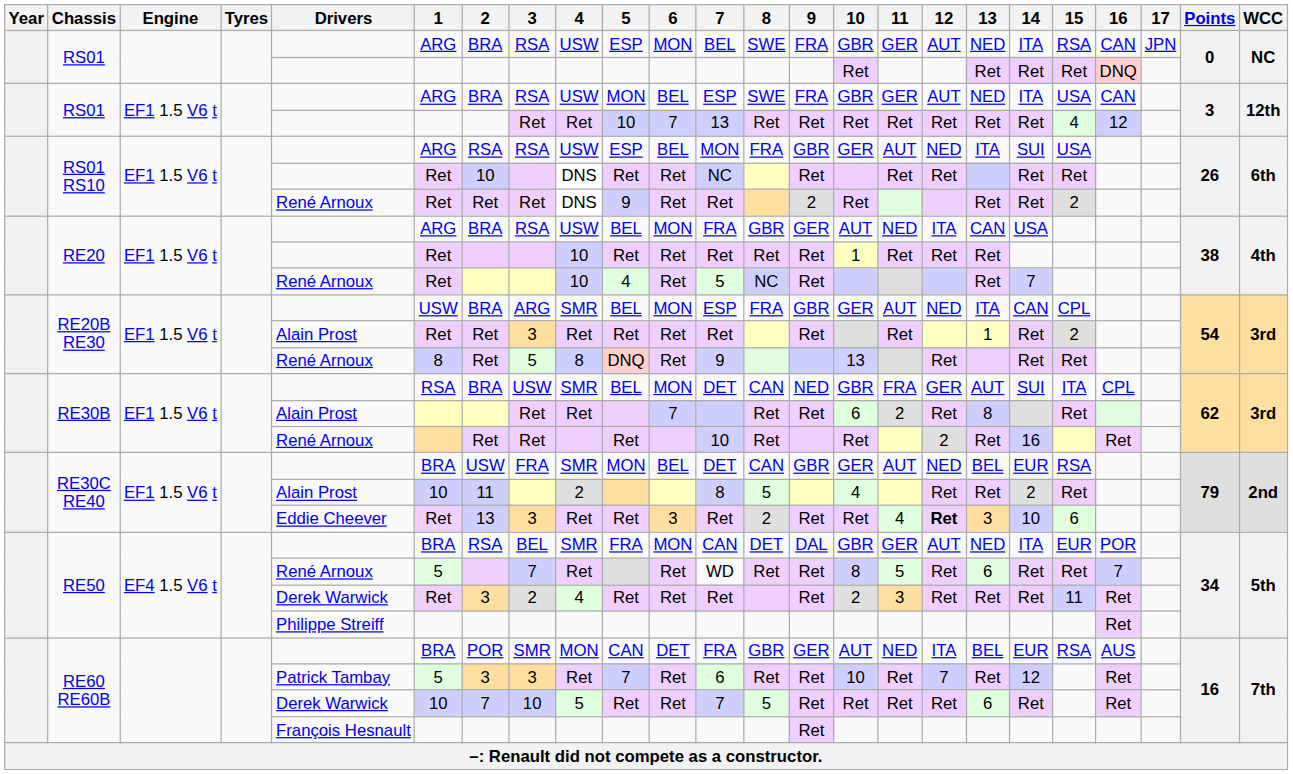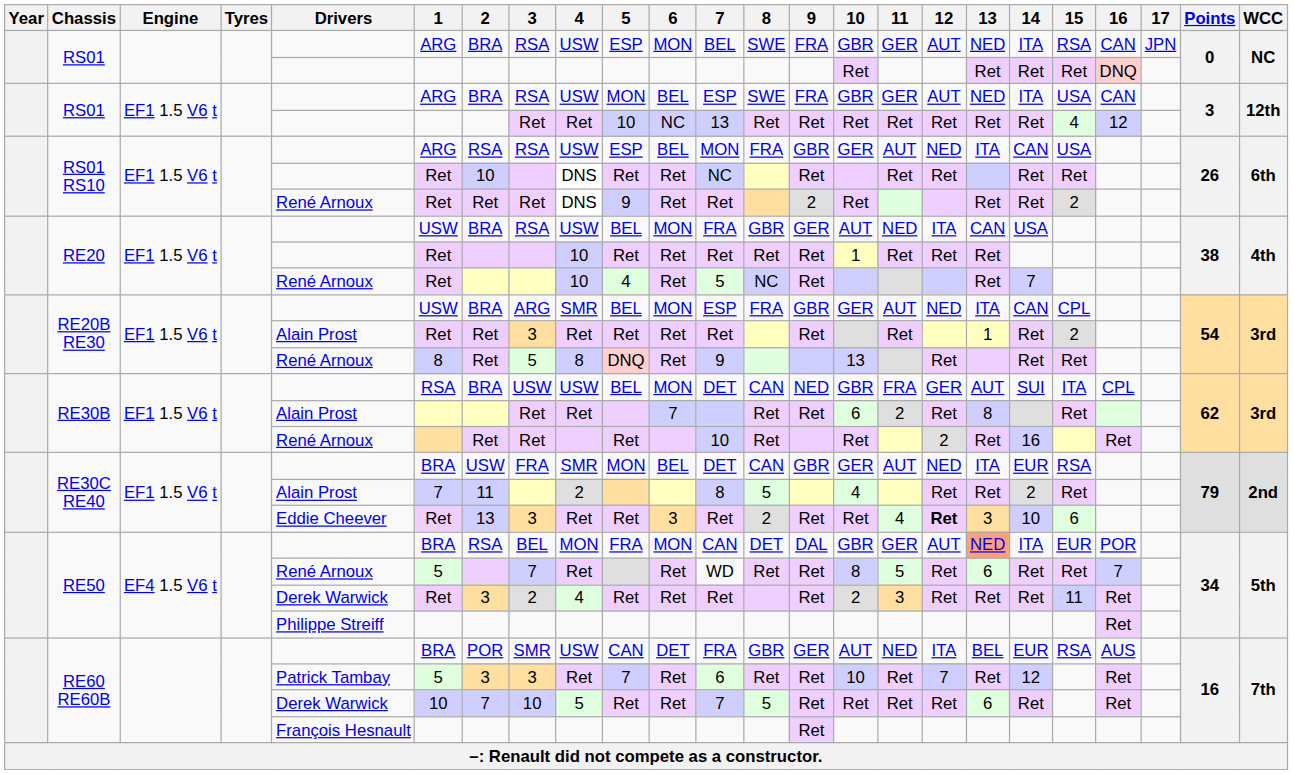 <table class="wikitable" style="text-align:center; font-size:85%">
 <tr>
 <th>Year</th>
 <th>Chassis</th>
 <th>Engine</th>
 <th>Tyres</th>
 <th>Drivers</th>
 <th>1</th>
 <th>2</th>
 <th>3</th>
 <th>4</th>
 <th>5</th>
 <th>6</th>
 <th>7</th>
 <th>8</th>
 <th>9</th>
 <th>10</th>
 <th>11</th>
 <th>12</th>
 <th>13</th>
 <th>14</th>
 <th>15</th>
 <th>16</th>
 <th>17</th>
 <th><a href='#'>Points</a></th>
 <th>WCC</th>
 </tr>
 <tr>
 <th rowspan="2"></th>
 <td rowspan="2"><a href='#'>RS01</a></td>
 <td rowspan="2"></td>
 <td rowspan="2"></td>
 <td></td>
 <td><a href='#'>ARG</a></td>
 <td><a href='#'>BRA</a></td>
 <td><a href='#'>RSA</a></td>
 <td><a href='#'>USW</a></td>
 <td><a href='#'>ESP</a></td>
 <td><a href='#'>MON</a></td>
 <td><a href='#'>BEL</a></td>
 <td><a href='#'>SWE</a></td>
 <td><a href='#'>FRA</a></td>
 <td><a href='#'>GBR</a></td>
 <td><a href='#'>GER</a></td>
 <td><a href='#'>AUT</a></td>
 <td><a href='#'>NED</a></td>
 <td><a href='#'>ITA</a></td>
 <td><a href='#'>RSA</a></td>
 <td><a href='#'>CAN</a></td>
 <td><a href='#'>JPN</a></td>
 <th rowspan="2">0</th>
 <th rowspan="2">NC</th>
 </tr>
 <tr>
 <td align="left"></td>
 <td></td>
 <td></td>
 <td></td>
 <td></td>
 <td></td>
 <td></td>
 <td></td>
 <td></td>
 <td></td>
 <td style="background:#EFCFFF;">Ret</td>
 <td></td>
 <td></td>
 <td style="background:#EFCFFF;">Ret</td>
 <td style="background:#EFCFFF;">Ret</td>
 <td style="background:#EFCFFF;">Ret</td>
 <td style="background:#FFCFCF;">DNQ</td>
 <td></td>
 </tr>
 <tr>
 <th rowspan="2"></th>
 <td rowspan="2"><a href='#'>RS01</a></td>
 <td rowspan="2"><a href='#'>EF1</a> 1.5 <a href='#'>V6</a> <a href='#'>t</a></td>
 <td rowspan="2"></td>
 <td></td>
 <td><a href='#'>ARG</a></td>
 <td><a href='#'>BRA</a></td>
 <td><a href='#'>RSA</a></td>
 <td><a href='#'>USW</a></td>
 <td><a href='#'>MON</a></td>
 <td><a href='#'>BEL</a></td>
 <td><a href='#'>ESP</a></td>
 <td><a href='#'>SWE</a></td>
 <td><a href='#'>FRA</a></td>
 <td><a href='#'>GBR</a></td>
 <td><a href='#'>GER</a></td>
 <td><a href='#'>AUT</a></td>
 <td><a href='#'>NED</a></td>
 <td><a href='#'>ITA</a></td>
 <td><a href='#'>USA</a></td>
 <td><a href='#'>CAN</a></td>
 <td></td>
 <th rowspan="2">3</th>
 <th rowspan="2">12th</th>
 </tr>
 <tr>
 <td align="left"></td>
 <td></td>
 <td></td>
 <td style="background:#EFCFFF;">Ret</td>
 <td style="background:#EFCFFF;">Ret</td>
 <td style="background:#CFCFFF;">10</td>
-<td style="background:#CFCFFF;">7</td>
+<td style="background:#CFCFFF;">NC</td>
 <td style="background:#CFCFFF;">13</td>
 <td style="background:#EFCFFF;">Ret</td>
 <td style="background:#EFCFFF;">Ret</td>
 <td style="background:#EFCFFF;">Ret</td>
 <td style="background:#EFCFFF;">Ret</td>
 <td style="background:#EFCFFF;">Ret</td>
 <td style="background:#EFCFFF;">Ret</td>
 <td style="background:#EFCFFF;">Ret</td>
 <td style="background:#DFFFDF;">4</td>
 <td style="background:#CFCFFF;">12</td>
 <td></td>
 </tr>
 <tr>
 <th rowspan="3"></th>
 <td rowspan="3"><a href='#'>RS01</a><br><a href='#'>RS10</a></td>
 <td rowspan="3"><a href='#'>EF1</a> 1.5 <a href='#'>V6</a> <a href='#'>t</a></td>
 <td rowspan="3"></td>
 <td></td>
 <td><a href='#'>ARG</a></td>
 <td><a href='#'>RSA</a></td>
 <td><a href='#'>RSA</a></td>
 <td><a href='#'>USW</a></td>
 <td><a href='#'>ESP</a></td>
 <td><a href='#'>BEL</a></td>
 <td><a href='#'>MON</a></td>
 <td><a href='#'>FRA</a></td>
 <td><a href='#'>GBR</a></td>
 <td><a href='#'>GER</a></td>
 <td><a href='#'>AUT</a></td>
 <td><a href='#'>NED</a></td>
 <td><a href='#'>ITA</a></td>
-<td><a href='#'>SUI</a></td>
+<td><a href='#'>CAN</a></td>
 <td><a href='#'>USA</a></td>
 <td></td>
 <td></td>
 <th rowspan="3">26</th>
 <th rowspan="3">6th</th>
 </tr>
 <tr>
 <td align="left"></td>
 <td style="background:#EFCFFF;">Ret</td>
 <td style="background:#CFCFFF;">10</td>
 <td style="background:#EFCFFF;"></td>
 <td style="background:#ffffff;">DNS</td>
 <td style="background:#EFCFFF;">Ret</td>
 <td style="background:#EFCFFF;">Ret</td>
 <td style="background:#CFCFFF;">NC</td>
 <td style="background:#FFFFBF;"></td>
 <td style="background:#EFCFFF;">Ret</td>
 <td style="background:#EFCFFF;"></td>
 <td style="background:#EFCFFF;">Ret</td>
 <td style="background:#EFCFFF;">Ret</td>
 <td style="background:#CFCFFF;"></td>
 <td style="background:#EFCFFF;">Ret</td>
 <td style="background:#EFCFFF;">Ret</td>
 <td></td>
 <td></td>
 </tr>
 <tr>
 <td align="left"> <a href='#'>René Arnoux</a></td>
 <td style="background:#EFCFFF;">Ret</td>
 <td style="background:#EFCFFF;">Ret</td>
 <td style="background:#EFCFFF;">Ret</td>
 <td style="background:#ffffff;">DNS</td>
 <td style="background:#CFCFFF;">9</td>
 <td style="background:#EFCFFF;">Ret</td>
 <td style="background:#EFCFFF;">Ret</td>
 <td style="background:#FFDF9F;"></td>
 <td style="background:#DFDFDF;">2</td>
 <td style="background:#EFCFFF;">Ret</td>
 <td style="background:#DFFFDF;"></td>
 <td style="background:#EFCFFF;"></td>
 <td style="background:#EFCFFF;">Ret</td>
 <td style="background:#EFCFFF;">Ret</td>
 <td style="background:#DFDFDF;">2</td>
 <td></td>
 <td></td>
 </tr>
 <tr>
 <th rowspan="3"></th>
 <td rowspan="3"><a href='#'>RE20</a></td>
 <td rowspan="3"><a href='#'>EF1</a> 1.5 <a href='#'>V6</a> <a href='#'>t</a></td>
 <td rowspan="3"></td>
 <td></td>
-<td><a href='#'>ARG</a></td>
+<td><a href='#'>USW</a></td>
 <td><a href='#'>BRA</a></td>
 <td><a href='#'>RSA</a></td>
 <td><a href='#'>USW</a></td>
 <td><a href='#'>BEL</a></td>
 <td><a href='#'>MON</a></td>
 <td><a href='#'>FRA</a></td>
 <td><a href='#'>GBR</a></td>
 <td><a href='#'>GER</a></td>
 <td><a href='#'>AUT</a></td>
 <td><a href='#'>NED</a></td>
 <td><a href='#'>ITA</a></td>
 <td><a href='#'>CAN</a></td>
 <td><a href='#'>USA</a></td>
 <td></td>
 <td></td>
 <td></td>
 <th rowspan="3">38</th>
 <th rowspan="3">4th</th>
 </tr>
 <tr>
 <td align="left"></td>
 <td style="background:#EFCFFF;">Ret</td>
 <td style="background:#EFCFFF;"></td>
 <td style="background:#EFCFFF;"></td>
 <td style="background:#CFCFFF;">10</td>
 <td style="background:#EFCFFF;">Ret</td>
 <td style="background:#EFCFFF;">Ret</td>
 <td style="background:#EFCFFF;">Ret</td>
 <td style="background:#EFCFFF;">Ret</td>
 <td style="background:#EFCFFF;">Ret</td>
 <td style="background:#FFFFBF;">1</td>
 <td style="background:#EFCFFF;">Ret</td>
 <td style="background:#EFCFFF;">Ret</td>
 <td style="background:#EFCFFF;">Ret</td>
 <td></td>
 <td></td>
 <td></td>
 <td></td>
 </tr>
 <tr>
 <td align="left"> <a href='#'>René Arnoux</a></td>
 <td style="background:#EFCFFF;">Ret</td>
 <td style="background:#FFFFBF;"></td>
 <td style="background:#FFFFBF;"></td>
 <td style="background:#CFCFFF;">10</td>
 <td style="background:#DFFFDF;">4</td>
 <td style="background:#EFCFFF;">Ret</td>
 <td style="background:#DFFFDF;">5</td>
 <td style="background:#CFCFFF;">NC</td>
 <td style="background:#EFCFFF;">Ret</td>
 <td style="background:#CFCFFF;"></td>
 <td style="background:#DFDFDF;"></td>
 <td style="background:#CFCFFF;"></td>
 <td style="background:#EFCFFF;">Ret</td>
 <td style="background:#CFCFFF;">7</td>
 <td></td>
 <td></td>
 <td></td>
 </tr>
 <tr>
 <th rowspan="3"></th>
 <td rowspan="3"><a href='#'>RE20B</a><br><a href='#'>RE30</a></td>
 <td rowspan="3"><a href='#'>EF1</a> 1.5 <a href='#'>V6</a> <a href='#'>t</a></td>
 <td rowspan="3"></td>
 <td></td>
 <td><a href='#'>USW</a></td>
 <td><a href='#'>BRA</a></td>
 <td><a href='#'>ARG</a></td>
 <td><a href='#'>SMR</a></td>
 <td><a href='#'>BEL</a></td>
 <td><a href='#'>MON</a></td>
 <td><a href='#'>ESP</a></td>
 <td><a href='#'>FRA</a></td>
 <td><a href='#'>GBR</a></td>
 <td><a href='#'>GER</a></td>
 <td><a href='#'>AUT</a></td>
 <td><a href='#'>NED</a></td>
 <td><a href='#'>ITA</a></td>
 <td><a href='#'>CAN</a></td>
 <td><a href='#'>CPL</a></td>
 <td></td>
 <td></td>
 <td rowspan="3" style="background:#FFDF9F;"><strong>54</strong></td>
 <td rowspan="3" style="background:#FFDF9F;"><strong>3rd</strong></td>
 </tr>
 <tr>
 <td align="left"> <a href='#'>Alain Prost</a></td>
 <td style="background:#EFCFFF;">Ret</td>
 <td style="background:#EFCFFF;">Ret</td>
 <td style="background:#FFDF9F;">3</td>
 <td style="background:#EFCFFF;">Ret</td>
 <td style="background:#EFCFFF;">Ret</td>
 <td style="background:#EFCFFF;">Ret</td>
 <td style="background:#EFCFFF;">Ret</td>
 <td style="background:#FFFFBF;"></td>
 <td style="background:#EFCFFF;">Ret</td>
 <td style="background:#DFDFDF;"></td>
 <td style="background:#EFCFFF;">Ret</td>
 <td style="background:#FFFFBF;"></td>
 <td style="background:#FFFFBF;">1</td>
 <td style="background:#EFCFFF;">Ret</td>
 <td style="background:#DFDFDF;">2</td>
 <td></td>
 <td></td>
 </tr>
 <tr>
 <td align="left"> <a href='#'>René Arnoux</a></td>
 <td style="background:#CFCFFF;">8</td>
 <td style="background:#EFCFFF;">Ret</td>
 <td style="background:#DFFFDF;">5</td>
 <td style="background:#CFCFFF;">8</td>
 <td style="background:#FFCFCF;">DNQ</td>
 <td style="background:#EFCFFF;">Ret</td>
 <td style="background:#CFCFFF;">9</td>
 <td style="background:#DFFFDF;"></td>
 <td style="background:#CFCFFF;"></td>
 <td style="background:#CFCFFF;">13</td>
 <td style="background:#DFDFDF;"></td>
 <td style="background:#EFCFFF;">Ret</td>
 <td style="background:#EFCFFF;"></td>
 <td style="background:#EFCFFF;">Ret</td>
 <td style="background:#EFCFFF;">Ret</td>
 <td></td>
 <td></td>
 </tr>
 <tr>
 <th rowspan="3"></th>
 <td rowspan="3"><a href='#'>RE30B</a></td>
 <td rowspan="3"><a href='#'>EF1</a> 1.5 <a href='#'>V6</a> <a href='#'>t</a></td>
 <td rowspan="3"></td>
 <td></td>
 <td><a href='#'>RSA</a></td>
 <td><a href='#'>BRA</a></td>
 <td><a href='#'>USW</a></td>
-<td><a href='#'>SMR</a></td>
+<td><a href='#'>USW</a></td>
 <td><a href='#'>BEL</a></td>
 <td><a href='#'>MON</a></td>
 <td><a href='#'>DET</a></td>
 <td><a href='#'>CAN</a></td>
 <td><a href='#'>NED</a></td>
 <td><a href='#'>GBR</a></td>
 <td><a href='#'>FRA</a></td>
 <td><a href='#'>GER</a></td>
 <td><a href='#'>AUT</a></td>
 <td><a href='#'>SUI</a></td>
 <td><a href='#'>ITA</a></td>
 <td><a href='#'>CPL</a></td>
 <td></td>
 <td rowspan="3" style="background:#FFDF9F;"><strong>62</strong></td>
 <td rowspan="3" style="background:#FFDF9F;"><strong>3rd</strong></td>
 </tr>
 <tr>
 <td align="left"> <a href='#'>Alain Prost</a></td>
 <td style="background:#FFFFBF;"></td>
 <td style="background:#FFFFBF;"></td>
 <td style="background:#EFCFFF;">Ret</td>
 <td style="background:#EFCFFF;">Ret</td>
 <td style="background:#EFCFFF;"></td>
 <td style="background:#CFCFFF;">7</td>
 <td style="background:#CFCFFF;"></td>
 <td style="background:#EFCFFF;">Ret</td>
 <td style="background:#EFCFFF;">Ret</td>
 <td style="background:#DFFFDF;">6</td>
 <td style="background:#DFDFDF;">2</td>
 <td style="background:#EFCFFF;">Ret</td>
 <td style="background:#CFCFFF;">8</td>
 <td style="background:#DFDFDF;"></td>
 <td style="background:#EFCFFF;">Ret</td>
 <td style="background:#DFFFDF;"></td>
 <td></td>
 </tr>
 <tr>
 <td align="left"> <a href='#'>René Arnoux</a></td>
 <td style="background:#FFDF9F;"></td>
 <td style="background:#EFCFFF;">Ret</td>
 <td style="background:#EFCFFF;">Ret</td>
 <td style="background:#EFCFFF;"></td>
 <td style="background:#EFCFFF;">Ret</td>
 <td style="background:#EFCFFF;"></td>
 <td style="background:#CFCFFF;">10</td>
 <td style="background:#EFCFFF;">Ret</td>
 <td style="background:#EFCFFF;"></td>
 <td style="background:#EFCFFF;">Ret</td>
 <td style="background:#FFFFBF;"></td>
 <td style="background:#DFDFDF;">2</td>
 <td style="background:#EFCFFF;">Ret</td>
 <td style="background:#CFCFFF;">16</td>
 <td style="background:#FFFFBF;"></td>
 <td style="background:#EFCFFF;">Ret</td>
 <td></td>
 </tr>
 <tr>
 <th rowspan="3"></th>
 <td rowspan="3"><a href='#'>RE30C</a><br><a href='#'>RE40</a></td>
 <td rowspan="3"><a href='#'>EF1</a> 1.5 <a href='#'>V6</a> <a href='#'>t</a></td>
 <td rowspan="3"></td>
 <td></td>
 <td><a href='#'>BRA</a></td>
 <td><a href='#'>USW</a></td>
 <td><a href='#'>FRA</a></td>
 <td><a href='#'>SMR</a></td>
 <td><a href='#'>MON</a></td>
 <td><a href='#'>BEL</a></td>
 <td><a href='#'>DET</a></td>
 <td><a href='#'>CAN</a></td>
 <td><a href='#'>GBR</a></td>
 <td><a href='#'>GER</a></td>
 <td><a href='#'>AUT</a></td>
 <td><a href='#'>NED</a></td>
-<td><a href='#'>BEL</a></td>
+<td><a href='#'>ITA</a></td>
 <td><a href='#'>EUR</a></td>
 <td><a href='#'>RSA</a></td>
 <td></td>
 <td></td>
 <td rowspan="3" style="background:#DFDFDF;"><strong>79</strong></td>
 <td rowspan="3" style="background:#DFDFDF;"><strong>2nd</strong></td>
 </tr>
 <tr>
 <td align="left"> <a href='#'>Alain Prost</a></td>
-<td style="background:#CFCFFF;">10</td>
+<td style="background:#CFCFFF;">7</td>
 <td style="background:#CFCFFF;">11</td>
 <td style="background:#FFFFBF;"></td>
 <td style="background:#DFDFDF;">2</td>
 <td style="background:#FFDF9F;"></td>
 <td style="background:#FFFFBF;"></td>
 <td style="background:#CFCFFF;">8</td>
 <td style="background:#DFFFDF;">5</td>
 <td style="background:#FFFFBF;"></td>
 <td style="background:#DFFFDF;">4</td>
 <td style="background:#FFFFBF;"></td>
 <td style="background:#EFCFFF;">Ret</td>
 <td style="background:#EFCFFF;">Ret</td>
 <td style="background:#DFDFDF;">2</td>
 <td style="background:#EFCFFF;">Ret</td>
 <td></td>
 <td></td>
 </tr>
 <tr>
 <td align="left"> <a href='#'>Eddie Cheever</a></td>
 <td style="background:#EFCFFF;">Ret</td>
 <td style="background:#CFCFFF;">13</td>
 <td style="background:#FFDF9F;">3</td>
 <td style="background:#EFCFFF;">Ret</td>
 <td style="background:#EFCFFF;">Ret</td>
 <td style="background:#FFDF9F;">3</td>
 <td style="background:#EFCFFF;">Ret</td>
 <td style="background:#DFDFDF;">2</td>
 <td style="background:#EFCFFF;">Ret</td>
 <td style="background:#EFCFFF;">Ret</td>
 <td style="background:#DFFFDF;">4</td>
 <td style="background:#EFCFFF;"><strong>Ret</strong></td>
 <td style="background:#FFDF9F;">3</td>
 <td style="background:#CFCFFF;">10</td>
 <td style="background:#DFFFDF;">6</td>
 <td></td>
 <td></td>
 </tr>
 <tr>
 <th rowspan="4"></th>
 <td rowspan="4"><a href='#'>RE50</a></td>
 <td rowspan="4"><a href='#'>EF4</a> 1.5 <a href='#'>V6</a> <a href='#'>t</a></td>
 <td rowspan="4"></td>
 <td></td>
 <td><a href='#'>BRA</a></td>
 <td><a href='#'>RSA</a></td>
 <td><a href='#'>BEL</a></td>
-<td><a href='#'>SMR</a></td>
+<td><a href='#'>MON</a></td>
 <td><a href='#'>FRA</a></td>
 <td><a href='#'>MON</a></td>
 <td><a href='#'>CAN</a></td>
 <td><a href='#'>DET</a></td>
 <td><a href='#'>DAL</a></td>
 <td><a href='#'>GBR</a></td>
 <td><a href='#'>GER</a></td>
 <td><a href='#'>AUT</a></td>
-<td><a href='#'>NED</a></td>
+<td style="background: lightsalmon;"><a href='#'>NED</a></td>
 <td><a href='#'>ITA</a></td>
 <td><a href='#'>EUR</a></td>
 <td><a href='#'>POR</a></td>
 <td></td>
 <th rowspan="4">34</th>
 <th rowspan="4">5th</th>
 </tr>
 <tr>
 <td align="left"> <a href='#'>René Arnoux</a></td>
 <td style="background:#DFFFDF;">5</td>
 <td style="background:#EFCFFF;"></td>
 <td style="background:#CFCFFF;">7</td>
 <td style="background:#EFCFFF;">Ret</td>
 <td style="background:#DFDFDF;"></td>
 <td style="background:#EFCFFF;">Ret</td>
 <td>WD</td>
 <td style="background:#EFCFFF;">Ret</td>
 <td style="background:#EFCFFF;">Ret</td>
 <td style="background:#CFCFFF;">8</td>
 <td style="background:#DFFFDF;">5</td>
 <td style="background:#EFCFFF;">Ret</td>
 <td style="background:#DFFFDF;">6</td>
 <td style="background:#EFCFFF;">Ret</td>
 <td style="background:#EFCFFF;">Ret</td>
 <td style="background:#CFCFFF;">7</td>
 <td></td>
 </tr>
 <tr>
 <td align="left"> <a href='#'>Derek Warwick</a></td>
 <td style="background:#EFCFFF;">Ret</td>
 <td style="background:#FFDF9F;">3</td>
 <td style="background:#DFDFDF;">2</td>
 <td style="background:#DFFFDF;">4</td>
 <td style="background:#EFCFFF;">Ret</td>
 <td style="background:#EFCFFF;">Ret</td>
 <td style="background:#EFCFFF;">Ret</td>
 <td style="background:#EFCFFF;"></td>
 <td style="background:#EFCFFF;">Ret</td>
 <td style="background:#DFDFDF;">2</td>
 <td style="background:#FFDF9F;">3</td>
 <td style="background:#EFCFFF;">Ret</td>
 <td style="background:#EFCFFF;">Ret</td>
 <td style="background:#EFCFFF;">Ret</td>
 <td style="background:#CFCFFF;">11</td>
 <td style="background:#EFCFFF;">Ret</td>
 <td></td>
 </tr>
 <tr>
 <td align="left"> <a href='#'>Philippe Streiff</a></td>
 <td></td>
 <td></td>
 <td></td>
 <td></td>
 <td></td>
 <td></td>
 <td></td>
 <td></td>
 <td></td>
 <td></td>
 <td></td>
 <td></td>
 <td></td>
 <td></td>
 <td></td>
 <td style="background:#EFCFFF;">Ret</td>
 <td></td>
 </tr>
 <tr>
 <th rowspan="4"></th>
 <td rowspan="4"><a href='#'>RE60</a><br><a href='#'>RE60B</a></td>
 <td rowspan="4"></td>
 <td rowspan="4"></td>
 <td></td>
 <td><a href='#'>BRA</a></td>
 <td><a href='#'>POR</a></td>
 <td><a href='#'>SMR</a></td>
-<td><a href='#'>MON</a></td>
+<td><a href='#'>USW</a></td>
 <td><a href='#'>CAN</a></td>
 <td><a href='#'>DET</a></td>
 <td><a href='#'>FRA</a></td>
 <td><a href='#'>GBR</a></td>
 <td><a href='#'>GER</a></td>
 <td><a href='#'>AUT</a></td>
 <td><a href='#'>NED</a></td>
 <td><a href='#'>ITA</a></td>
 <td><a href='#'>BEL</a></td>
 <td><a href='#'>EUR</a></td>
 <td><a href='#'>RSA</a></td>
 <td><a href='#'>AUS</a></td>
 <td></td>
 <th rowspan="4">16</th>
 <th rowspan="4">7th</th>
 </tr>
 <tr>
 <td align="left"> <a href='#'>Patrick Tambay</a></td>
 <td style="background:#DFFFDF;">5</td>
 <td style="background:#FFDF9F;">3</td>
 <td style="background:#FFDF9F;">3</td>
 <td style="background:#EFCFFF;">Ret</td>
 <td style="background:#CFCFFF;">7</td>
 <td style="background:#EFCFFF;">Ret</td>
 <td style="background:#DFFFDF;">6</td>
 <td style="background:#EFCFFF;">Ret</td>
 <td style="background:#EFCFFF;">Ret</td>
 <td style="background:#CFCFFF;">10</td>
 <td style="background:#EFCFFF;">Ret</td>
 <td style="background:#CFCFFF;">7</td>
 <td style="background:#EFCFFF;">Ret</td>
 <td style="background:#CFCFFF;">12</td>
 <td></td>
 <td style="background:#EFCFFF;">Ret</td>
 <td></td>
 </tr>
 <tr>
 <td align="left"> <a href='#'>Derek Warwick</a></td>
 <td style="background:#CFCFFF;">10</td>
 <td style="background:#CFCFFF;">7</td>
 <td style="background:#CFCFFF;">10</td>
 <td style="background:#DFFFDF;">5</td>
 <td style="background:#EFCFFF;">Ret</td>
 <td style="background:#EFCFFF;">Ret</td>
 <td style="background:#CFCFFF;">7</td>
 <td style="background:#DFFFDF;">5</td>
 <td style="background:#EFCFFF;">Ret</td>
 <td style="background:#EFCFFF;">Ret</td>
 <td style="background:#EFCFFF;">Ret</td>
 <td style="background:#EFCFFF;">Ret</td>
 <td style="background:#DFFFDF;">6</td>
 <td style="background:#EFCFFF;">Ret</td>
 <td></td>
 <td style="background:#EFCFFF;">Ret</td>
 <td></td>
 </tr>
 <tr>
 <td align="left"> <a href='#'>François Hesnault</a></td>
 <td></td>
 <td></td>
 <td></td>
 <td></td>
 <td></td>
 <td></td>
 <td></td>
 <td></td>
 <td style="background:#EFCFFF;">Ret</td>
 <td></td>
 <td></td>
 <td></td>
 <td></td>
 <td></td>
 <td></td>
 <td></td>
 <td></td>
 </tr>
 <tr>
 <th colspan="28" align="center">–: Renault did not compete as a constructor.</th>
 </tr>
 </table>
